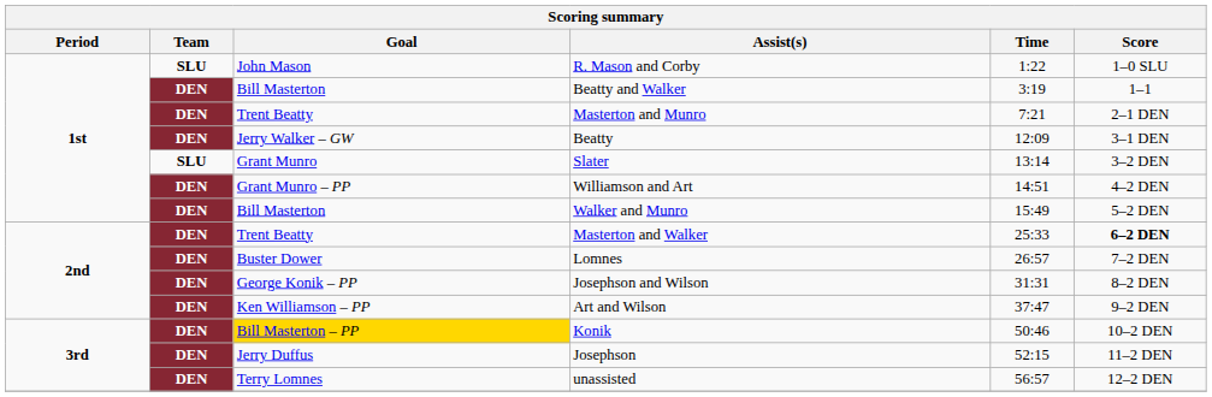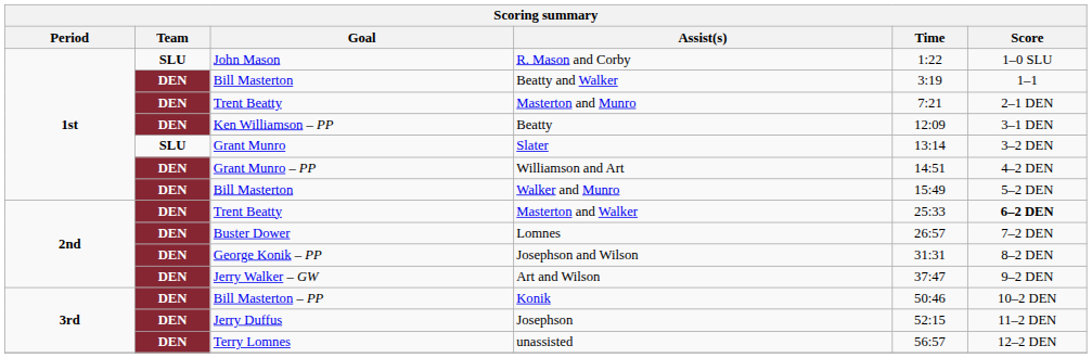 <table style="width:100%;" class="wikitable">
 <tr>
 <th colspan=6>Scoring summary</th>
 </tr>
 <tr>
 <th style="width:12%;">Period</th>
 <th style="width:7%;">Team</th>
 <th style="width:28%;">Goal</th>
 <th style="width:35%;">Assist(s)</th>
 <th style="width:7%;">Time</th>
 <th style="width:11%;">Score</th>
 </tr>
 <tr>
 <td style="text-align:center;" rowspan="7"><strong>1st</strong></td>
 <td align=center><strong>SLU</strong></td>
 <td><a href='#'>John Mason</a></td>
 <td><a href='#'>R. Mason</a> and Corby</td>
 <td align=center>1:22</td>
 <td align=center>1–0 SLU</td>
 </tr>
 <tr>
 <td align=center style="color:white; background:#862633; "><strong>DEN</strong></td>
 <td><a href='#'>Bill Masterton</a></td>
 <td>Beatty and <a href='#'>Walker</a></td>
 <td align=center>3:19</td>
 <td align=center>1–1</td>
 </tr>
 <tr>
 <td align=center style="color:white; background:#862633; "><strong>DEN</strong></td>
 <td><a href='#'>Trent Beatty</a></td>
 <td><a href='#'>Masterton</a> and <a href='#'>Munro</a></td>
 <td align=center>7:21</td>
 <td align=center>2–1 DEN</td>
 </tr>
 <tr>
 <td align=center style="color:white; background:#862633; "><strong>DEN</strong></td>
-<td><a href='#'>Jerry Walker</a> – <em>GW</em></td>
+<td><a href='#'>Ken Williamson</a> – <em>PP</em></td>
 <td>Beatty</td>
 <td align=center>12:09</td>
 <td align=center>3–1 DEN</td>
 </tr>
 <tr>
 <td align=center><strong>SLU</strong></td>
 <td><a href='#'>Grant Munro</a></td>
 <td><a href='#'>Slater</a></td>
 <td align=center>13:14</td>
 <td align=center>3–2 DEN</td>
 </tr>
 <tr>
 <td align=center style="color:white; background:#862633; "><strong>DEN</strong></td>
 <td><a href='#'>Grant Munro</a> – <em>PP</em></td>
 <td>Williamson and Art</td>
 <td align=center>14:51</td>
 <td align=center>4–2 DEN</td>
 </tr>
 <tr>
 <td align=center style="color:white; background:#862633; "><strong>DEN</strong></td>
 <td><a href='#'>Bill Masterton</a></td>
 <td><a href='#'>Walker</a> and <a href='#'>Munro</a></td>
 <td align=center>15:49</td>
 <td align=center>5–2 DEN</td>
 </tr>
 <tr>
 <td style="text-align:center;" rowspan="4"><strong>2nd</strong></td>
 <td align=center style="color:white; background:#862633; "><strong>DEN</strong></td>
 <td><a href='#'>Trent Beatty</a></td>
 <td><a href='#'>Masterton</a> and <a href='#'>Walker</a></td>
 <td align=center>25:33</td>
 <td align=center><strong>6–2 DEN</strong></td>
 </tr>
 <tr>
 <td align=center style="color:white; background:#862633; "><strong>DEN</strong></td>
 <td><a href='#'>Buster Dower</a></td>
 <td>Lomnes</td>
 <td align=center>26:57</td>
 <td align=center>7–2 DEN</td>
 </tr>
 <tr>
 <td align=center style="color:white; background:#862633; "><strong>DEN</strong></td>
 <td><a href='#'>George Konik</a> – <em>PP</em></td>
 <td>Josephson and Wilson</td>
 <td align=center>31:31</td>
 <td align=center>8–2 DEN</td>
 </tr>
 <tr>
 <td align=center style="color:white; background:#862633; "><strong>DEN</strong></td>
-<td><a href='#'>Ken Williamson</a> – <em>PP</em></td>
+<td><a href='#'>Jerry Walker</a> – <em>GW</em></td>
 <td>Art and Wilson</td>
 <td align=center>37:47</td>
 <td align=center>9–2 DEN</td>
 </tr>
 <tr>
 <td style="text-align:center;" rowspan="3"><strong>3rd</strong></td>
 <td align=center style="color:white; background:#862633; "><strong>DEN</strong></td>
-<td style="background: gold;"><a href='#'>Bill Masterton</a> – <em>PP</em></td>
+<td><a href='#'>Bill Masterton</a> – <em>PP</em></td>
 <td><a href='#'>Konik</a></td>
 <td align=center>50:46</td>
 <td align=center>10–2 DEN</td>
 </tr>
 <tr>
 <td align=center style="color:white; background:#862633; "><strong>DEN</strong></td>
 <td><a href='#'>Jerry Duffus</a></td>
 <td>Josephson</td>
 <td align=center>52:15</td>
 <td align=center>11–2 DEN</td>
 </tr>
 <tr>
 <td align=center style="color:white; background:#862633; "><strong>DEN</strong></td>
 <td><a href='#'>Terry Lomnes</a></td>
 <td>unassisted</td>
 <td align=center>56:57</td>
 <td align=center>12–2 DEN</td>
 </tr>
 <tr>
 </tr>
 </table>
